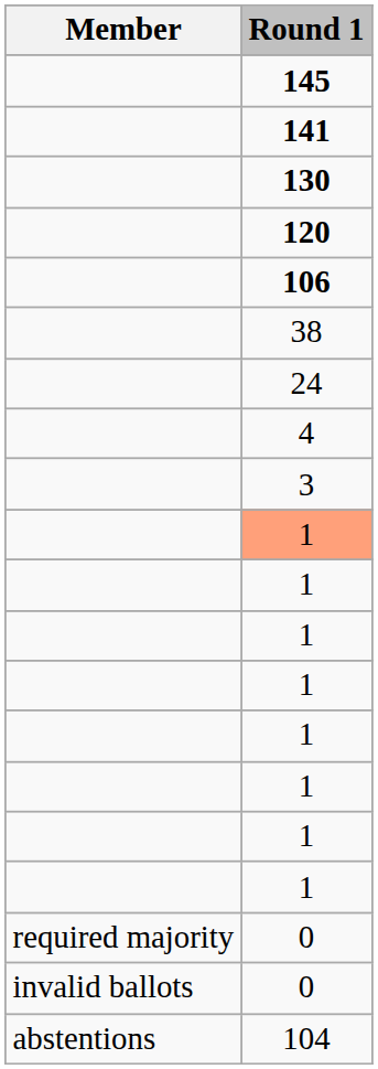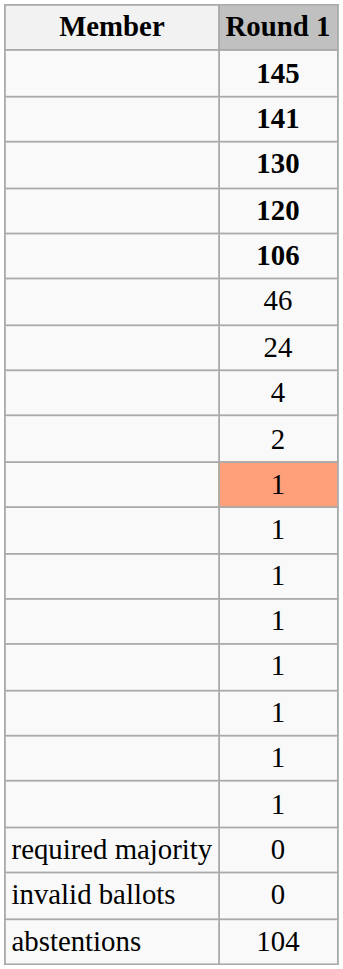 <table class="wikitable collapsible">
 <tr>
 <th>Member</th>
 <td style="background:silver;"><strong>Round 1</strong></td>
 </tr>
 <tr>
 <td></td>
 <td style="text-align:center;"><strong>145</strong></td>
 </tr>
 <tr>
 <td></td>
 <td style="text-align:center;"><strong>141</strong></td>
 </tr>
 <tr>
 <td></td>
 <td style="text-align:center;"><strong>130</strong></td>
 </tr>
 <tr>
 <td></td>
 <td style="text-align:center;"><strong>120</strong></td>
 </tr>
 <tr>
 <td></td>
 <td style="text-align:center;"><strong>106</strong></td>
 </tr>
 <tr>
 <td></td>
-<td style="text-align:center;">38</td>
+<td style="text-align:center;">46</td>
 </tr>
 <tr>
 <td></td>
 <td style="text-align:center;">24</td>
 </tr>
 <tr>
 <td></td>
 <td style="text-align:center;">4</td>
 </tr>
 <tr>
 <td></td>
-<td style="text-align:center;">3</td>
+<td style="text-align:center;">2</td>
 </tr>
 <tr>
 <td></td>
 <td style="background: lightsalmon; text-align:center;">1</td>
 </tr>
 <tr>
 <td></td>
 <td style="text-align:center;">1</td>
 </tr>
 <tr>
 <td></td>
 <td style="text-align:center;">1</td>
 </tr>
 <tr>
 <td></td>
 <td style="text-align:center;">1</td>
 </tr>
 <tr>
 <td></td>
 <td style="text-align:center;">1</td>
 </tr>
 <tr>
 <td></td>
 <td style="text-align:center;">1</td>
 </tr>
 <tr>
 <td></td>
 <td style="text-align:center;">1</td>
 </tr>
 <tr>
 <td></td>
 <td style="text-align:center;">1</td>
 </tr>
 <tr>
 <td>required majority</td>
 <td style="text-align:center;">0</td>
 </tr>
 <tr>
 <td>invalid ballots</td>
 <td style="text-align:center;">0</td>
 </tr>
 <tr>
 <td>abstentions</td>
 <td style="text-align:center;">104</td>
 </tr>
 </table>
